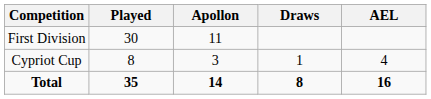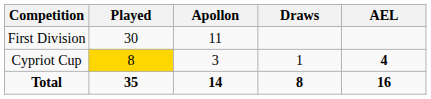 <table class=wikitable>
 <tr>
 <th width=20%>Competition</th>
 <th width=20%>Played</th>
 <th width=20%>Apollon</th>
 <th width=20%>Draws</th>
 <th width=20%>AEL</th>
 </tr>
 <tr align=center>
 <td>First Division</td>
 <td>30</td>
 <td>11</td>
 <td 7></td>
 </tr>
 <tr align=center>
 <td>Cypriot Cup</td>
-<td>8</td>
+<td style="background: gold;">8</td>
 <td>3</td>
 <td>1</td>
-<td>4</td>
+<td><strong>4</strong></td>
 </tr>
 <tr align=center>
 <td><strong>Total</strong></td>
 <td><strong>35</strong></td>
 <td><strong>14</strong></td>
 <td><strong>8</strong></td>
 <td><strong>16</strong></td>
 </tr>
 </table>
